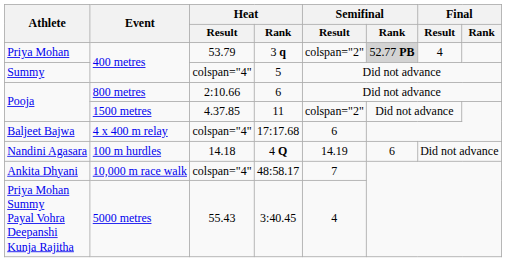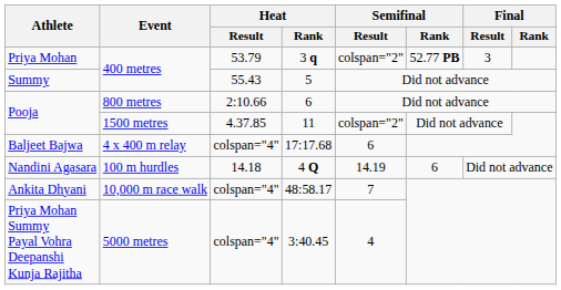 <table class="wikitable" style="font-size:90%">
 <tr>
 <th rowspan="2">Athlete</th>
 <th rowspan="2">Event</th>
 <th colspan="2">Heat</th>
 <th colspan="2">Semifinal</th>
 <th colspan="2">Final</th>
 </tr>
 <tr style="font-size:95%">
 <th>Result</th>
 <th>Rank</th>
 <th>Result</th>
 <th>Rank</th>
 <th>Result</th>
 <th>Rank</th>
 </tr>
 <tr style="text-align:center">
 <td style="text-align:left"><a href='#'>Priya Mohan</a></td>
 <td rowspan="2" style="text-align:left"><a href='#'>400 metres</a></td>
 <td>53.79</td>
 <td>3 <strong>q</strong></td>
 <td>colspan="2" </td>
-<td style="background: lightgrey;">52.77 <strong>PB</strong></td>
-<td>4</td>
+<td>52.77 <strong>PB</strong></td>
+<td>3</td>
 </tr>
 <tr style="text-align:center">
 <td style="text-align:left"><a href='#'>Summy</a></td>
-<td>colspan="4" </td>
+<td>55.43</td>
 <td>5</td>
 <td colspan="4">Did not advance</td>
 </tr>
 <tr style="text-align:center">
 <td rowspan="2" style="text-align:left"><a href='#'>Pooja</a></td>
 <td style="text-align:left"><a href='#'>800 metres</a></td>
 <td>2:10.66</td>
 <td>6</td>
 <td colspan="4">Did not advance</td>
 </tr>
 <tr style="text-align:center">
 <td style="text-align:left"><a href='#'>1500 metres</a></td>
 <td>4.37.85</td>
 <td>11</td>
 <td>colspan="2" </td>
 <td colspan="2">Did not advance</td>
 </tr>
 <tr style="text-align:center">
 <td style="text-align:left"><a href='#'>Baljeet Bajwa</a></td>
 <td style="text-align:left"><a href='#'>4 x 400 m relay</a></td>
 <td>colspan="4" </td>
 <td>17:17.68</td>
 <td>6</td>
 </tr>
 <tr style="text-align:center">
 <td style="text-align:left"><a href='#'>Nandini Agasara</a></td>
 <td style="text-align:left"><a href='#'>100 m hurdles</a></td>
 <td>14.18</td>
 <td>4 <strong>Q</strong></td>
 <td>14.19</td>
 <td>6</td>
 <td colspan="2">Did not advance</td>
 </tr>
 <tr style="text-align:center">
 <td style="text-align:left"><a href='#'>Ankita Dhyani</a></td>
 <td style="text-align:left"><a href='#'>10,000 m race walk</a></td>
 <td>colspan="4" </td>
 <td>48:58.17</td>
 <td>7</td>
 </tr>
 <tr style="text-align:center">
 <td style="text-align:left"><a href='#'>Priya Mohan</a><br><a href='#'>Summy</a><br><a href='#'>Payal Vohra</a><br><a href='#'>Deepanshi</a><br><a href='#'>Kunja Rajitha</a></td>
 <td style="text-align:left"><a href='#'>5000 metres</a></td>
-<td>55.43</td>
+<td>colspan="4" </td>
 <td>3:40.45</td>
 <td>4</td>
 </tr>
 </table>
